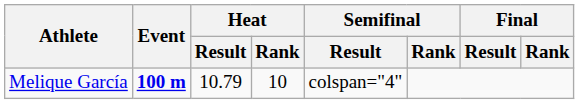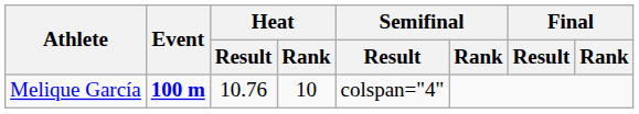 <table class="wikitable" style="font-size:90%">
 <tr>
 <th rowspan="2">Athlete</th>
 <th rowspan="2">Event</th>
 <th colspan="2">Heat</th>
 <th colspan="2">Semifinal</th>
 <th colspan="2">Final</th>
 </tr>
 <tr>
 <th>Result</th>
 <th>Rank</th>
 <th>Result</th>
 <th>Rank</th>
 <th>Result</th>
 <th>Rank</th>
 </tr>
 <tr style=text-align:center>
 <td style=text-align:left><a href='#'>Melique García</a></td>
 <td style=text-align:left><strong><a href='#'>100 m</a></strong></td>
-<td>10.79</td>
+<td>10.76</td>
 <td>10</td>
 <td>colspan="4" </td>
 </tr>
 </table>
